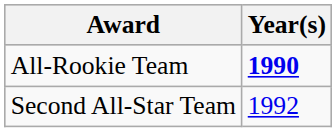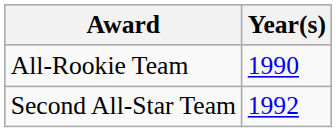 <table class="wikitable">
 <tr>
 <th>Award</th>
 <th>Year(s)</th>
 </tr>
 <tr>
 <td>All-Rookie Team</td>
-<td><strong><a href='#'>1990</a></strong></td>
+<td><a href='#'>1990</a></td>
 </tr>
 <tr>
 <td>Second All-Star Team</td>
 <td><a href='#'>1992</a></td>
 </tr>
 </table>
